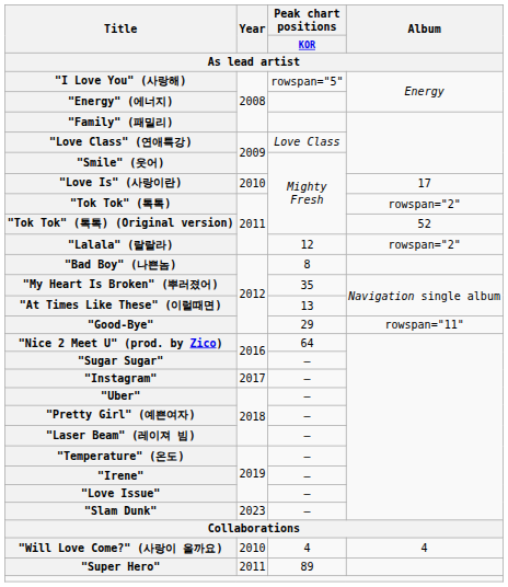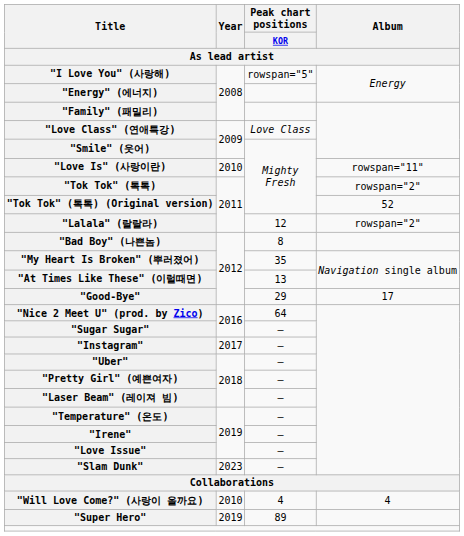 <table class="wikitable plainrowheaders" style="text-align:center;">
 <tr>
 <th rowspan="2" scope="col">Title</th>
 <th rowspan="2" scope="col">Year</th>
 <th colspan="1" scope="col" style="width:5em;">Peak chart positions</th>
 <th rowspan="2" scope="col">Album</th>
 </tr>
 <tr>
 <th><small><a href='#'>KOR</a></small><br></th>
 </tr>
 <tr>
 <th colspan="4" scope="col">As lead artist</th>
 </tr>
 <tr>
 <th scope="row">"I Love You" (사랑해)<br></th>
 <td rowspan="3">2008</td>
 <td>rowspan="5" </td>
 <td rowspan="2"><em>Energy</em></td>
 </tr>
 <tr>
 <th scope="row">"Energy" (에너지)<br></th>
 </tr>
 <tr>
 <th scope="row">"Family" (패밀리)<br></th>
 <td></td>
 </tr>
 <tr>
 <th scope="row">"Love Class" (연애특강)<br></th>
 <td rowspan="2">2009</td>
 <td><em>Love Class</em></td>
 </tr>
 <tr>
 <th scope="row">"Smile" (웃어)<br></th>
 <td rowspan="4"><em>Mighty Fresh</em></td>
 </tr>
 <tr>
 <th scope="row">"Love Is" (사랑이란)<br></th>
 <td>2010</td>
-<td>17</td>
+<td>rowspan="11" </td>
 </tr>
 <tr>
 <th scope="row">"Tok Tok" (톡톡)<br></th>
 <td rowspan="3">2011</td>
 <td>rowspan="2" </td>
 </tr>
 <tr>
 <th scope="row">"Tok Tok" (톡톡) (Original version)<br></th>
 <td>52</td>
 </tr>
 <tr>
 <th scope="row">"Lalala" (랄랄라)<br></th>
 <td>12</td>
 <td>rowspan="2" </td>
 </tr>
 <tr>
 <th scope="row">"Bad Boy" (나쁜놈)<br></th>
 <td rowspan="4">2012</td>
 <td>8</td>
 </tr>
 <tr>
 <th scope="row">"My Heart Is Broken" (뿌러졌어)<br></th>
 <td>35</td>
 <td rowspan="2"><em>Navigation</em> single album</td>
 </tr>
 <tr>
 <th scope="row">"At Times Like These" (이럴때면)<br></th>
 <td>13</td>
 </tr>
 <tr>
 <th scope="row">"Good-Bye"<br></th>
 <td>29</td>
-<td>rowspan="11" </td>
+<td>17</td>
 </tr>
 <tr>
 <th scope="row">"Nice 2 Meet U" (prod. by <a href='#'>Zico</a>)<br></th>
 <td rowspan="2">2016</td>
 <td>64</td>
 </tr>
 <tr>
 <th scope="row">"Sugar Sugar"<br></th>
 <td>—</td>
 </tr>
 <tr>
 <th scope="row">"Instagram"</th>
 <td>2017</td>
 <td>—</td>
 </tr>
 <tr>
 <th scope="row">"Uber"</th>
 <td rowspan="3">2018</td>
 <td>—</td>
 </tr>
 <tr>
 <th scope="row">"Pretty Girl" (예쁜여자)<br></th>
 <td>—</td>
 </tr>
 <tr>
 <th scope="row">"Laser Beam" (레이져 빔)<br></th>
 <td>—</td>
 </tr>
 <tr>
 <th scope="row">"Temperature" (온도)<br></th>
 <td rowspan="3">2019</td>
 <td>—</td>
 </tr>
 <tr>
 <th scope="row">"Irene"</th>
 <td>—</td>
 </tr>
 <tr>
 <th scope="row">"Love Issue"<br></th>
 <td>—</td>
 </tr>
 <tr>
 <th scope="row">"Slam Dunk"<br></th>
 <td>2023</td>
 <td>—</td>
 </tr>
 <tr>
 <th colspan="4" scope="col">Collaborations</th>
 </tr>
 <tr>
 <th scope="row">"Will Love Come?" (사랑이 올까요)<br></th>
 <td>2010</td>
 <td>4</td>
 <td>4</td>
 </tr>
 <tr>
 <th scope="row">"Super Hero"<br></th>
-<td>2011</td>
+<td>2019</td>
 <td>89</td>
 </tr>
 <tr>
 <td colspan="4"></td>
 </tr>
 </table>
